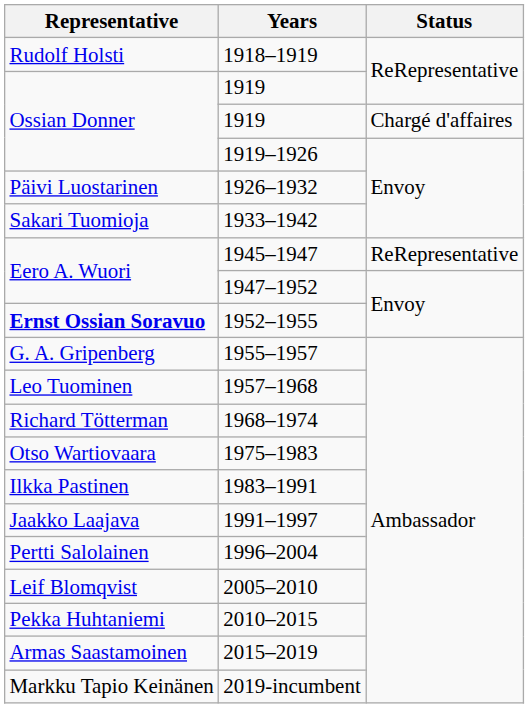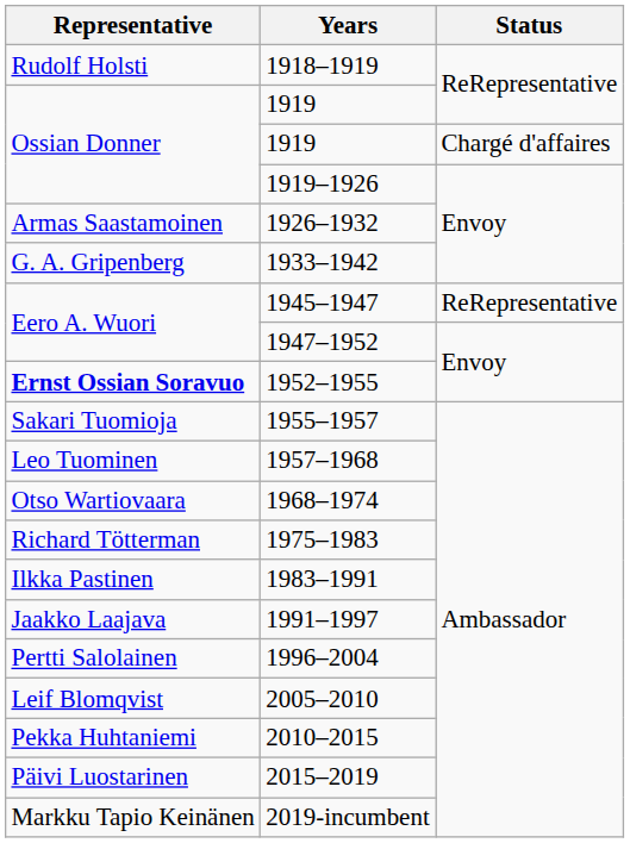 <table class="wikitable sortable">
 <tr>
 <th>Representative</th>
 <th>Years</th>
 <th>Status</th>
 </tr>
 <tr>
 <td><a href='#'>Rudolf Holsti</a></td>
 <td>1918–1919</td>
 <td rowspan=2>ReRepresentative</td>
 </tr>
 <tr>
 <td rowspan=3><a href='#'>Ossian Donner</a></td>
 <td>1919</td>
 </tr>
 <tr>
 <td>1919</td>
 <td>Chargé d'affaires</td>
 </tr>
 <tr>
 <td>1919–1926</td>
 <td rowspan=3>Envoy</td>
 </tr>
 <tr>
-<td><a href='#'>Päivi Luostarinen</a></td>
+<td><a href='#'>Armas Saastamoinen</a></td>
 <td>1926–1932</td>
 </tr>
 <tr>
-<td><a href='#'>Sakari Tuomioja</a></td>
+<td><a href='#'>G. A. Gripenberg</a></td>
 <td>1933–1942</td>
 </tr>
 <tr>
 <td rowspan="2"><a href='#'>Eero A. Wuori</a></td>
 <td>1945–1947</td>
 <td>ReRepresentative</td>
 </tr>
 <tr>
 <td>1947–1952</td>
 <td rowspan=2>Envoy</td>
 </tr>
 <tr>
 <td><strong><a href='#'>Ernst Ossian Soravuo</a></strong></td>
 <td>1952–1955</td>
 </tr>
 <tr>
-<td><a href='#'>G. A. Gripenberg</a></td>
+<td><a href='#'>Sakari Tuomioja</a></td>
 <td>1955–1957</td>
 <td rowspan="11">Ambassador</td>
 </tr>
 <tr>
 <td><a href='#'>Leo Tuominen</a></td>
 <td>1957–1968</td>
 </tr>
 <tr>
-<td><a href='#'>Richard Tötterman</a></td>
+<td><a href='#'>Otso Wartiovaara</a></td>
 <td>1968–1974</td>
 </tr>
 <tr>
-<td><a href='#'>Otso Wartiovaara</a></td>
+<td><a href='#'>Richard Tötterman</a></td>
 <td>1975–1983</td>
 </tr>
 <tr>
 <td><a href='#'>Ilkka Pastinen</a></td>
 <td>1983–1991</td>
 </tr>
 <tr>
 <td><a href='#'>Jaakko Laajava</a></td>
 <td>1991–1997</td>
 </tr>
 <tr>
 <td><a href='#'>Pertti Salolainen</a></td>
 <td>1996–2004</td>
 </tr>
 <tr>
 <td><a href='#'>Leif Blomqvist</a></td>
 <td>2005–2010</td>
 </tr>
 <tr>
 <td><a href='#'>Pekka Huhtaniemi</a></td>
 <td>2010–2015</td>
 </tr>
 <tr>
-<td><a href='#'>Armas Saastamoinen</a></td>
+<td><a href='#'>Päivi Luostarinen</a></td>
 <td>2015–2019</td>
 </tr>
 <tr>
 <td>Markku Tapio Keinänen</td>
 <td>2019-incumbent</td>
 </tr>
 </table>
